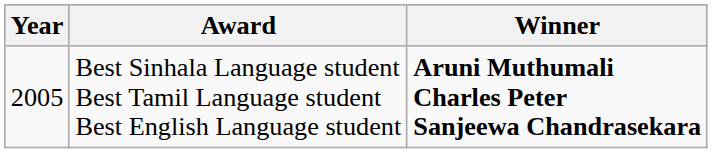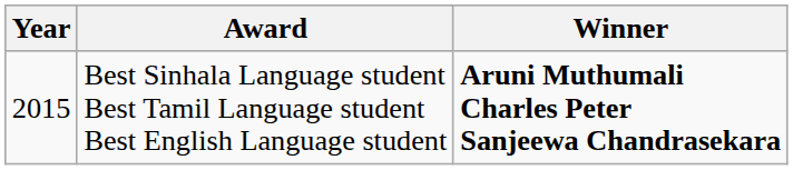 <table class="wikitable sortable mw-collapsible mw-collapsed">
 <tr>
 <th>Year</th>
 <th>Award</th>
 <th>Winner</th>
 </tr>
 <tr>
-<td>2005</td>
+<td>2015</td>
 <td>Best Sinhala Language student<br>Best Tamil Language student<br>Best English Language student</td>
 <td><strong>Aruni Muthumali<br>Charles Peter<br>Sanjeewa Chandrasekara</strong></td>
 </tr>
 </table>
